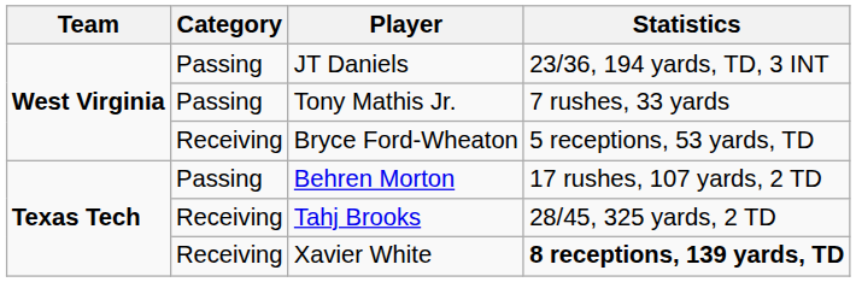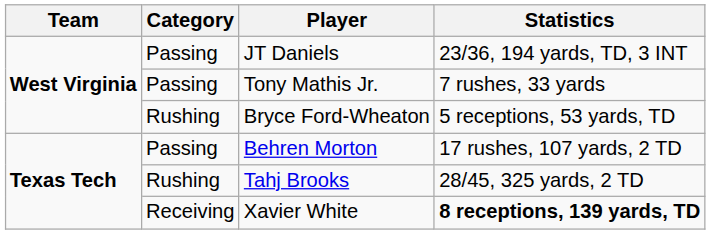 <table class="wikitable" style="float: right;">
 <tr>
 <th>Team</th>
 <th>Category</th>
 <th>Player</th>
 <th>Statistics</th>
 </tr>
 <tr>
 <td rowspan=3><strong>West Virginia</strong></td>
 <td>Passing</td>
 <td>JT Daniels</td>
 <td>23/36, 194 yards, TD, 3 INT</td>
 </tr>
 <tr>
 <td>Passing</td>
 <td>Tony Mathis Jr.</td>
 <td>7 rushes, 33 yards</td>
 </tr>
 <tr>
-<td>Receiving</td>
+<td>Rushing</td>
 <td>Bryce Ford-Wheaton</td>
 <td>5 receptions, 53 yards, TD</td>
 </tr>
 <tr>
 <td rowspan=3><strong>Texas Tech</strong></td>
 <td>Passing</td>
 <td><a href='#'>Behren Morton</a></td>
 <td>17 rushes, 107 yards, 2 TD</td>
 </tr>
 <tr>
-<td>Receiving</td>
+<td>Rushing</td>
 <td><a href='#'>Tahj Brooks</a></td>
 <td>28/45, 325 yards, 2 TD</td>
 </tr>
 <tr>
 <td>Receiving</td>
 <td>Xavier White</td>
 <td><strong>8 receptions, 139 yards, TD</strong></td>
 </tr>
 </table>
